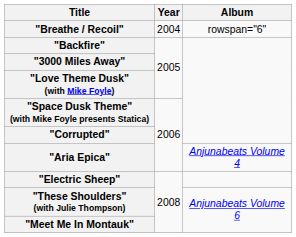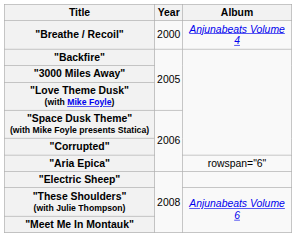 <table class="wikitable plainrowheaders" style="text-align:center;">
 <tr>
 <th scope="col" style="width:14em;">Title</th>
 <th scope="col" style="width:2em;">Year</th>
 <th scope="col" style="width:10em;">Album</th>
 </tr>
 <tr>
 <th scope="row">"Breathe / Recoil"</th>
-<td>2004</td>
-<td>rowspan="6" </td>
+<td>2000</td>
+<td><em><a href='#'>Anjunabeats Volume 4</a></em></td>
 </tr>
 <tr>
 <th scope="row">"Backfire"</th>
 <td rowspan="3">2005</td>
 </tr>
 <tr>
 <th scope="row">"3000 Miles Away"</th>
 </tr>
 <tr>
 <th scope="row">"Love Theme Dusk" <br><small>(with <a href='#'>Mike Foyle</a>)</small></th>
 </tr>
 <tr>
 <th scope="row">"Space Dusk Theme" <br><small>(with Mike Foyle presents Statica)</small></th>
 <td rowspan="3">2006</td>
 </tr>
 <tr>
 <th scope="row">"Corrupted"</th>
 </tr>
 <tr>
 <th scope="row">"Aria Epica"</th>
-<td><em><a href='#'>Anjunabeats Volume 4</a></em></td>
+<td>rowspan="6" </td>
 </tr>
 <tr>
 <th scope="row">"Electric Sheep"</th>
 <td rowspan="3">2008</td>
 <td></td>
 </tr>
 <tr>
 <th scope="row">"These Shoulders" <br><small>(with Julie Thompson)</small></th>
 <td rowspan="2"><em><a href='#'>Anjunabeats Volume 6</a></em></td>
 </tr>
 <tr>
 <th scope="row">"Meet Me In Montauk"</th>
 </tr>
 </table>
